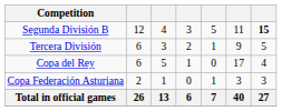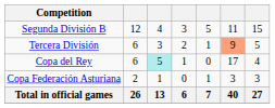 <table class="wikitable" style="text-align:center">
 <tr>
 <th>Competition</th>
 <th width=30></th>
 <th width=30></th>
 <th width=30></th>
 <th width=30></th>
 <th width=30></th>
 <th width=30></th>
 </tr>
 <tr>
 <td><a href='#'>Segunda División B</a></td>
 <td>12</td>
 <td>4</td>
 <td>3</td>
 <td>5</td>
 <td>11</td>
-<td><strong>15</strong></td>
+<td>15</td>
 </tr>
 <tr>
 <td><a href='#'>Tercera División</a></td>
 <td>6</td>
 <td>3</td>
 <td>2</td>
 <td>1</td>
-<td>9</td>
+<td style="background: lightsalmon;">9</td>
 <td>5</td>
 </tr>
 <tr>
 <td><a href='#'>Copa del Rey</a></td>
 <td>6</td>
-<td>5</td>
+<td style="background: paleturquoise;">5</td>
 <td>1</td>
 <td>0</td>
 <td>17</td>
 <td>4</td>
 </tr>
 <tr>
 <td><a href='#'>Copa Federación Asturiana</a></td>
 <td>2</td>
 <td>1</td>
 <td>0</td>
 <td>1</td>
 <td>3</td>
 <td>3</td>
 </tr>
 <tr>
 <th>Total in official games</th>
 <th>26</th>
 <th>13</th>
 <th>6</th>
 <th>7</th>
 <th>40</th>
 <th>27</th>
 </tr>
 <tr>
 </tr>
 </table>
